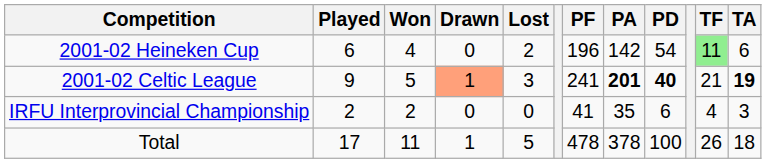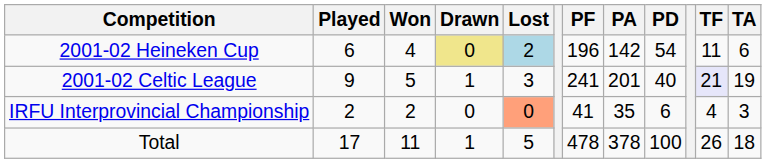 <table class="wikitable">
 <tr>
 <th>Competition</th>
 <th>Played</th>
 <th>Won</th>
 <th>Drawn</th>
 <th>Lost</th>
 <th rowspan="5"></th>
 <th>PF</th>
 <th>PA</th>
 <th>PD</th>
 <th rowspan="5"></th>
 <th>TF</th>
 <th>TA</th>
 </tr>
 <tr align=center>
 <td><a href='#'>2001-02 Heineken Cup</a></td>
 <td>6</td>
 <td>4</td>
-<td>0</td>
-<td>2</td>
+<td style="background: khaki;">0</td>
+<td style="background: lightblue;">2</td>
 <td>196</td>
 <td>142</td>
 <td>54</td>
-<td style="background: lightgreen;">11</td>
+<td>11</td>
 <td>6</td>
 </tr>
 <tr align=center>
 <td><a href='#'>2001-02 Celtic League</a></td>
 <td>9</td>
 <td>5</td>
-<td style="background: lightsalmon;">1</td>
+<td>1</td>
 <td>3</td>
 <td>241</td>
-<td><strong>201</strong></td>
-<td><strong>40</strong></td>
-<td>21</td>
-<td><strong>19</strong></td>
+<td>201</td>
+<td>40</td>
+<td style="background: lavender;">21</td>
+<td>19</td>
 </tr>
 <tr align=center>
 <td><a href='#'>IRFU Interprovincial Championship</a></td>
 <td>2</td>
 <td>2</td>
 <td>0</td>
-<td>0</td>
+<td style="background: lightsalmon;">0</td>
 <td>41</td>
 <td>35</td>
 <td>6</td>
 <td>4</td>
 <td>3</td>
 </tr>
 <tr align=center>
 <td>Total</td>
 <td>17</td>
 <td>11</td>
 <td>1</td>
 <td>5</td>
 <td>478</td>
 <td>378</td>
 <td>100</td>
 <td>26</td>
 <td>18</td>
 </tr>
 </table>
